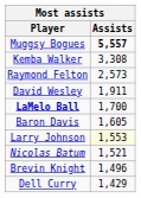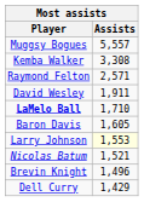 <table class="wikitable sortable" style="text-align:center">
 <tr>
 <th colspan="2" style="text-align:center; ">Most assists</th>
 </tr>
 <tr>
 <th style="text-align:center; ">Player</th>
 <th style="text-align:center; ">Assists</th>
 </tr>
 <tr>
 <td><a href='#'>Muggsy Bogues</a></td>
-<td><strong>5,557</strong></td>
+<td>5,557</td>
 </tr>
 <tr>
 <td><a href='#'>Kemba Walker</a></td>
 <td>3,308</td>
 </tr>
 <tr>
 <td><a href='#'>Raymond Felton</a></td>
-<td>2,573</td>
+<td>2,571</td>
 </tr>
 <tr>
 <td><a href='#'>David Wesley</a></td>
 <td>1,911</td>
 </tr>
 <tr>
 <td><strong><a href='#'>LaMelo Ball</a></strong></td>
-<td>1,700</td>
+<td>1,710</td>
 </tr>
 <tr>
 <td><a href='#'>Baron Davis</a></td>
 <td>1,605</td>
 </tr>
 <tr>
 <td><a href='#'>Larry Johnson</a></td>
 <td style="background: lightyellow;">1,553</td>
 </tr>
 <tr>
 <td><em><a href='#'>Nicolas Batum</a></em></td>
 <td>1,521</td>
 </tr>
 <tr>
 <td><a href='#'>Brevin Knight</a></td>
 <td>1,496</td>
 </tr>
 <tr>
 <td><a href='#'>Dell Curry</a></td>
 <td>1,429</td>
 </tr>
 </table>
